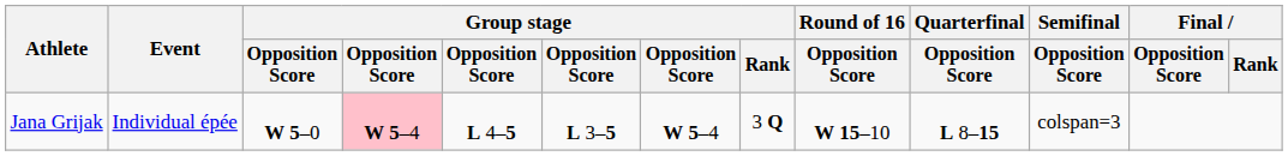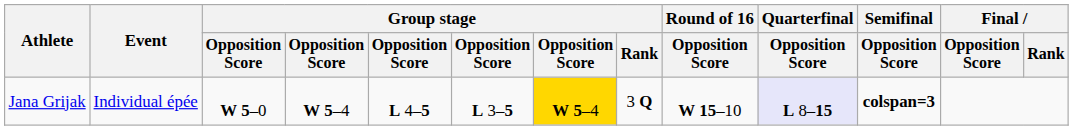 <table class=wikitable style="font-size:90%">
 <tr>
 <th rowspan=2>Athlete</th>
 <th rowspan=2>Event</th>
 <th colspan=6>Group stage</th>
 <th>Round of 16</th>
 <th>Quarterfinal</th>
 <th>Semifinal</th>
 <th colspan=2>Final / </th>
 </tr>
 <tr style="font-size:95%">
 <th>Opposition<br>Score</th>
 <th>Opposition<br>Score</th>
 <th>Opposition<br>Score</th>
 <th>Opposition<br>Score</th>
 <th>Opposition<br>Score</th>
 <th>Rank</th>
 <th>Opposition<br>Score</th>
 <th>Opposition<br>Score</th>
 <th>Opposition<br>Score</th>
 <th>Opposition<br>Score</th>
 <th>Rank</th>
 </tr>
 <tr align=center>
 <td align=left><a href='#'>Jana Grijak</a></td>
 <td align=left><a href='#'>Individual épée</a></td>
 <td><br><strong>W</strong> <strong>5</strong>–0</td>
-<td style="background: pink;"><br><strong>W</strong> <strong>5</strong>–4</td>
+<td><br><strong>W</strong> <strong>5</strong>–4</td>
 <td><br><strong>L</strong> 4–<strong>5</strong></td>
 <td><br><strong>L</strong> 3–<strong>5</strong></td>
-<td><br><strong>W</strong> <strong>5</strong>–4</td>
+<td style="background: gold;"><br><strong>W</strong> <strong>5</strong>–4</td>
 <td>3 <strong>Q</strong></td>
 <td><br><strong>W</strong> <strong>15</strong>–10</td>
-<td><br><strong>L</strong> 8–<strong>15</strong></td>
-<td>colspan=3 </td>
+<td style="background: lavender;"><br><strong>L</strong> 8–<strong>15</strong></td>
+<td><strong>colspan=3 </strong></td>
 </tr>
 </table>
